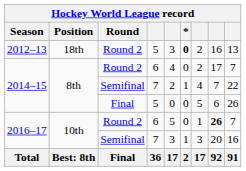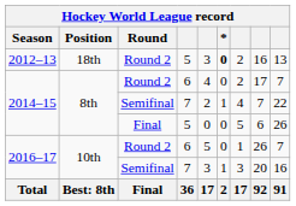 <table class="wikitable" style="text-align: center;">
 <tr>
 <th colspan=9><a href='#'>Hockey World League</a> record</th>
 </tr>
 <tr>
 <th>Season</th>
 <th>Position</th>
 <th>Round</th>
 <th></th>
 <th></th>
 <th>*</th>
 <th></th>
 <th></th>
 <th></th>
 </tr>
 <tr>
 <td><a href='#'>2012–13</a></td>
 <td>18th</td>
 <td><a href='#'>Round 2</a></td>
 <td>5</td>
 <td>3</td>
 <td><strong>0</strong></td>
 <td>2</td>
 <td>16</td>
 <td>13</td>
 </tr>
 <tr>
 <td rowspan=3><a href='#'>2014–15</a></td>
 <td rowspan=3>8th</td>
 <td><a href='#'>Round 2</a></td>
 <td>6</td>
 <td>4</td>
 <td>0</td>
 <td>2</td>
 <td>17</td>
 <td>7</td>
 </tr>
 <tr>
 <td><a href='#'>Semifinal</a></td>
 <td>7</td>
 <td>2</td>
 <td>1</td>
 <td>4</td>
 <td>7</td>
 <td>22</td>
 </tr>
 <tr>
 <td><a href='#'>Final</a></td>
 <td>5</td>
 <td>0</td>
 <td>0</td>
 <td>5</td>
 <td>6</td>
 <td>26</td>
 </tr>
 <tr>
 <td rowspan=2><a href='#'>2016–17</a></td>
 <td rowspan=2>10th</td>
 <td><a href='#'>Round 2</a></td>
 <td>6</td>
 <td>5</td>
 <td>0</td>
 <td>1</td>
-<td><strong>26</strong></td>
+<td>26</td>
 <td>7</td>
 </tr>
 <tr>
 <td><a href='#'>Semifinal</a></td>
 <td>7</td>
 <td>3</td>
 <td>1</td>
 <td>3</td>
 <td>20</td>
 <td>16</td>
 </tr>
 <tr>
 <th>Total</th>
 <th>Best: 8th</th>
 <th>Final</th>
 <th>36</th>
 <th>17</th>
 <th>2</th>
 <th>17</th>
 <th>92</th>
 <th>91</th>
 </tr>
 </table>
